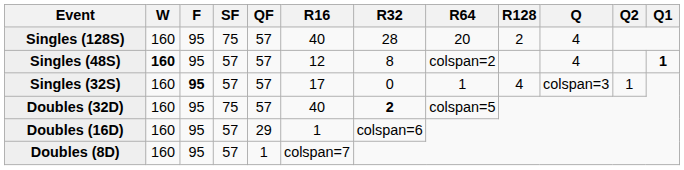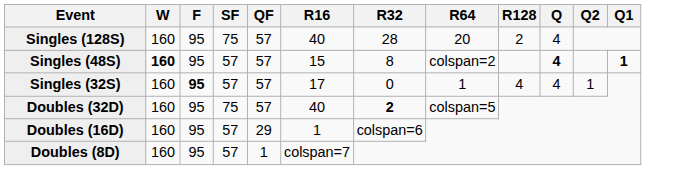 <table class="wikitable" style=text-align:center;>
 <tr>
 <th width=150>Event</th>
 <th width=30>W</th>
 <th width=30>F</th>
 <th width=30>SF</th>
 <th width=30>QF</th>
 <th width=30>R16</th>
 <th width=30>R32</th>
 <th width=30>R64</th>
 <th width=30>R128</th>
 <th width=30>Q</th>
 <th width=30>Q2</th>
 <th width=30>Q1</th>
 </tr>
 <tr>
 <td style="background:#efefef"><strong>Singles (128S)</strong></td>
 <td align=center>160</td>
 <td>95</td>
 <td>75</td>
 <td>57</td>
 <td>40</td>
 <td>28</td>
 <td>20</td>
 <td>2</td>
 <td>4</td>
 </tr>
 <tr>
 <td style="background:#efefef"><strong>Singles (48S)</strong></td>
 <td align=center><strong>160</strong></td>
 <td>95</td>
 <td>57</td>
 <td>57</td>
-<td>12</td>
+<td>15</td>
 <td>8</td>
 <td>colspan=2 </td>
 <td></td>
-<td>4</td>
+<td><strong>4</strong></td>
 <td></td>
 <td><strong>1</strong></td>
 </tr>
 <tr>
 <td style="background:#efefef"><strong>Singles (32S)</strong></td>
 <td align=center>160</td>
 <td><strong>95</strong></td>
 <td>57</td>
 <td>57</td>
 <td>17</td>
 <td>0</td>
 <td>1</td>
 <td>4</td>
-<td>colspan=3 </td>
+<td>4</td>
 <td>1</td>
 </tr>
 <tr>
 <td style="background:#efefef"><strong>Doubles (32D)</strong></td>
 <td align=center>160</td>
 <td>95</td>
 <td>75</td>
 <td>57</td>
 <td>40</td>
 <td><strong>2</strong></td>
 <td>colspan=5 </td>
 </tr>
 <tr>
 <td style="background:#efefef"><strong>Doubles (16D)</strong></td>
 <td align=center>160</td>
 <td>95</td>
 <td>57</td>
 <td>29</td>
 <td>1</td>
 <td>colspan=6 </td>
 </tr>
 <tr>
 <td style="background:#efefef"><strong>Doubles (8D)</strong></td>
 <td align=center>160</td>
 <td>95</td>
 <td>57</td>
 <td>1</td>
 <td>colspan=7 </td>
 </tr>
 </table>
